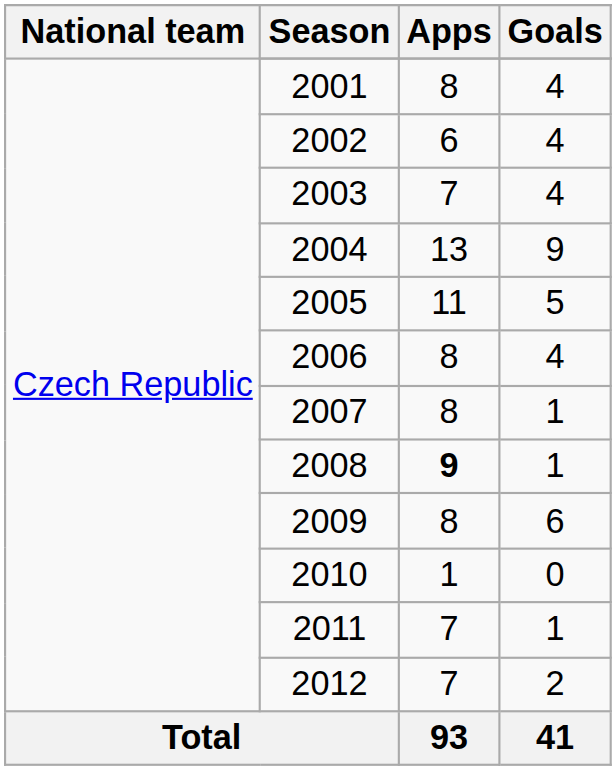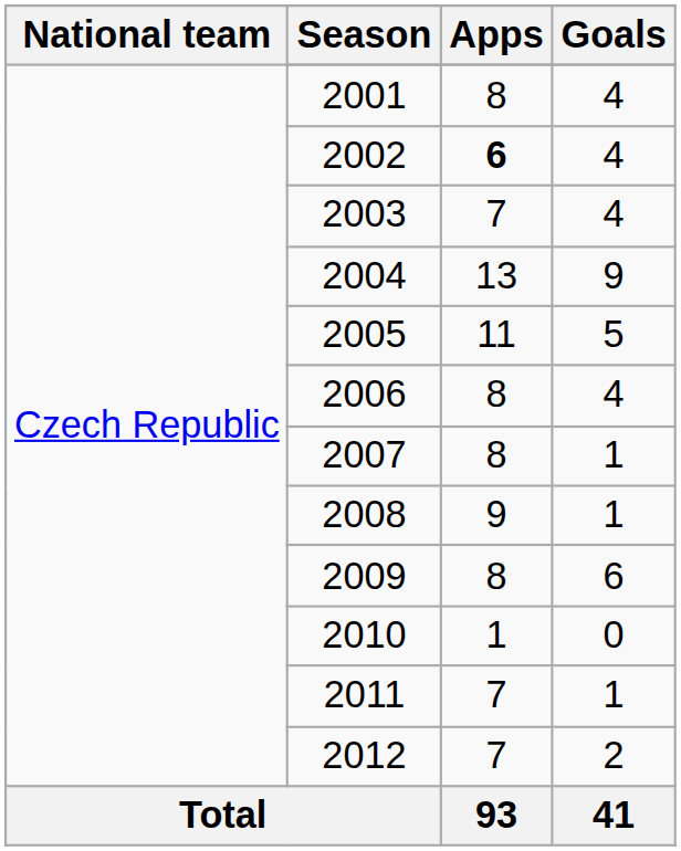 <table class="wikitable sortable" style="text-align:center">
 <tr>
 </tr>
 <tr>
 <th>National team</th>
 <th>Season</th>
 <th>Apps</th>
 <th>Goals</th>
 </tr>
 <tr>
 <td rowspan=13><a href='#'>Czech Republic</a></td>
 </tr>
 <tr>
 <td>2001</td>
 <td>8</td>
 <td>4</td>
 </tr>
 <tr>
 <td>2002</td>
-<td>6</td>
+<td><strong>6</strong></td>
 <td>4</td>
 </tr>
 <tr>
 <td>2003</td>
 <td>7</td>
 <td>4</td>
 </tr>
 <tr>
 <td>2004</td>
 <td>13</td>
 <td>9</td>
 </tr>
 <tr>
 <td>2005</td>
 <td>11</td>
 <td>5</td>
 </tr>
 <tr>
 <td>2006</td>
 <td>8</td>
 <td>4</td>
 </tr>
 <tr>
 <td>2007</td>
 <td>8</td>
 <td>1</td>
 </tr>
 <tr>
 <td>2008</td>
-<td><strong>9</strong></td>
+<td>9</td>
 <td>1</td>
 </tr>
 <tr>
 <td>2009</td>
 <td>8</td>
 <td>6</td>
 </tr>
 <tr>
 <td>2010</td>
 <td>1</td>
 <td>0</td>
 </tr>
 <tr>
 <td>2011</td>
 <td>7</td>
 <td>1</td>
 </tr>
 <tr>
 <td>2012</td>
 <td>7</td>
 <td>2</td>
 </tr>
 <tr>
 <th colspan=2>Total</th>
 <th>93</th>
 <th>41</th>
 </tr>
 </table>
